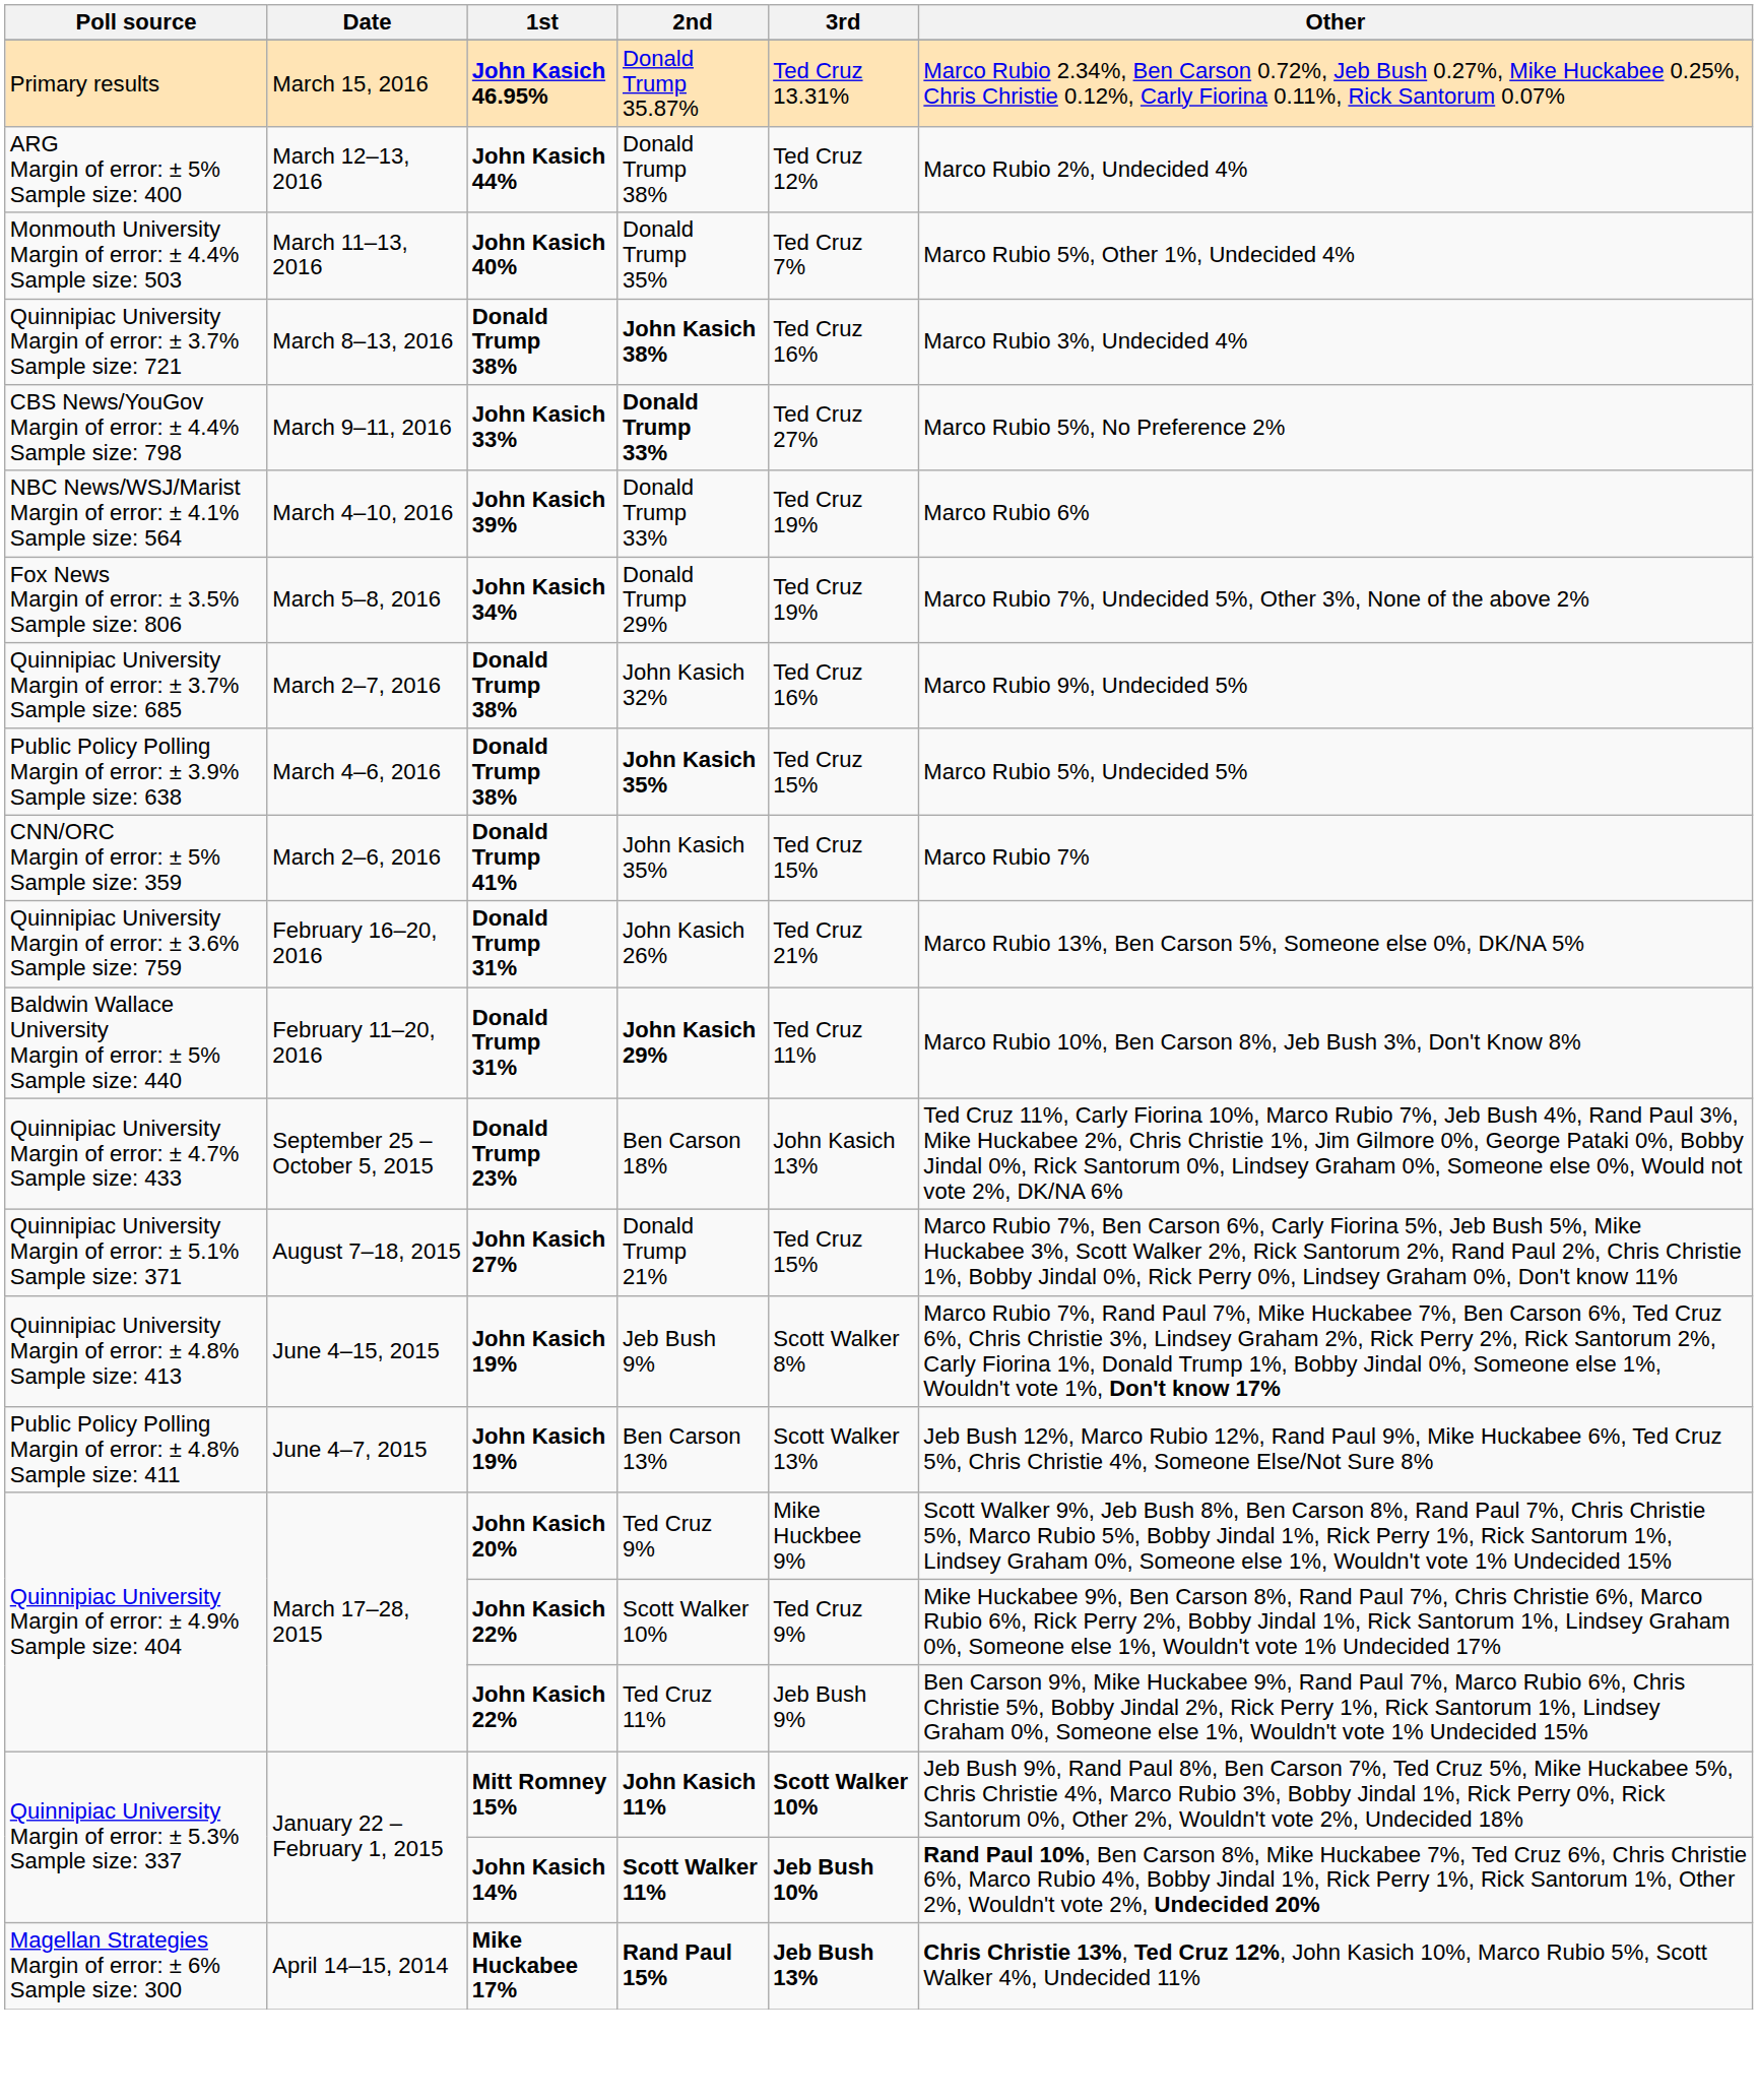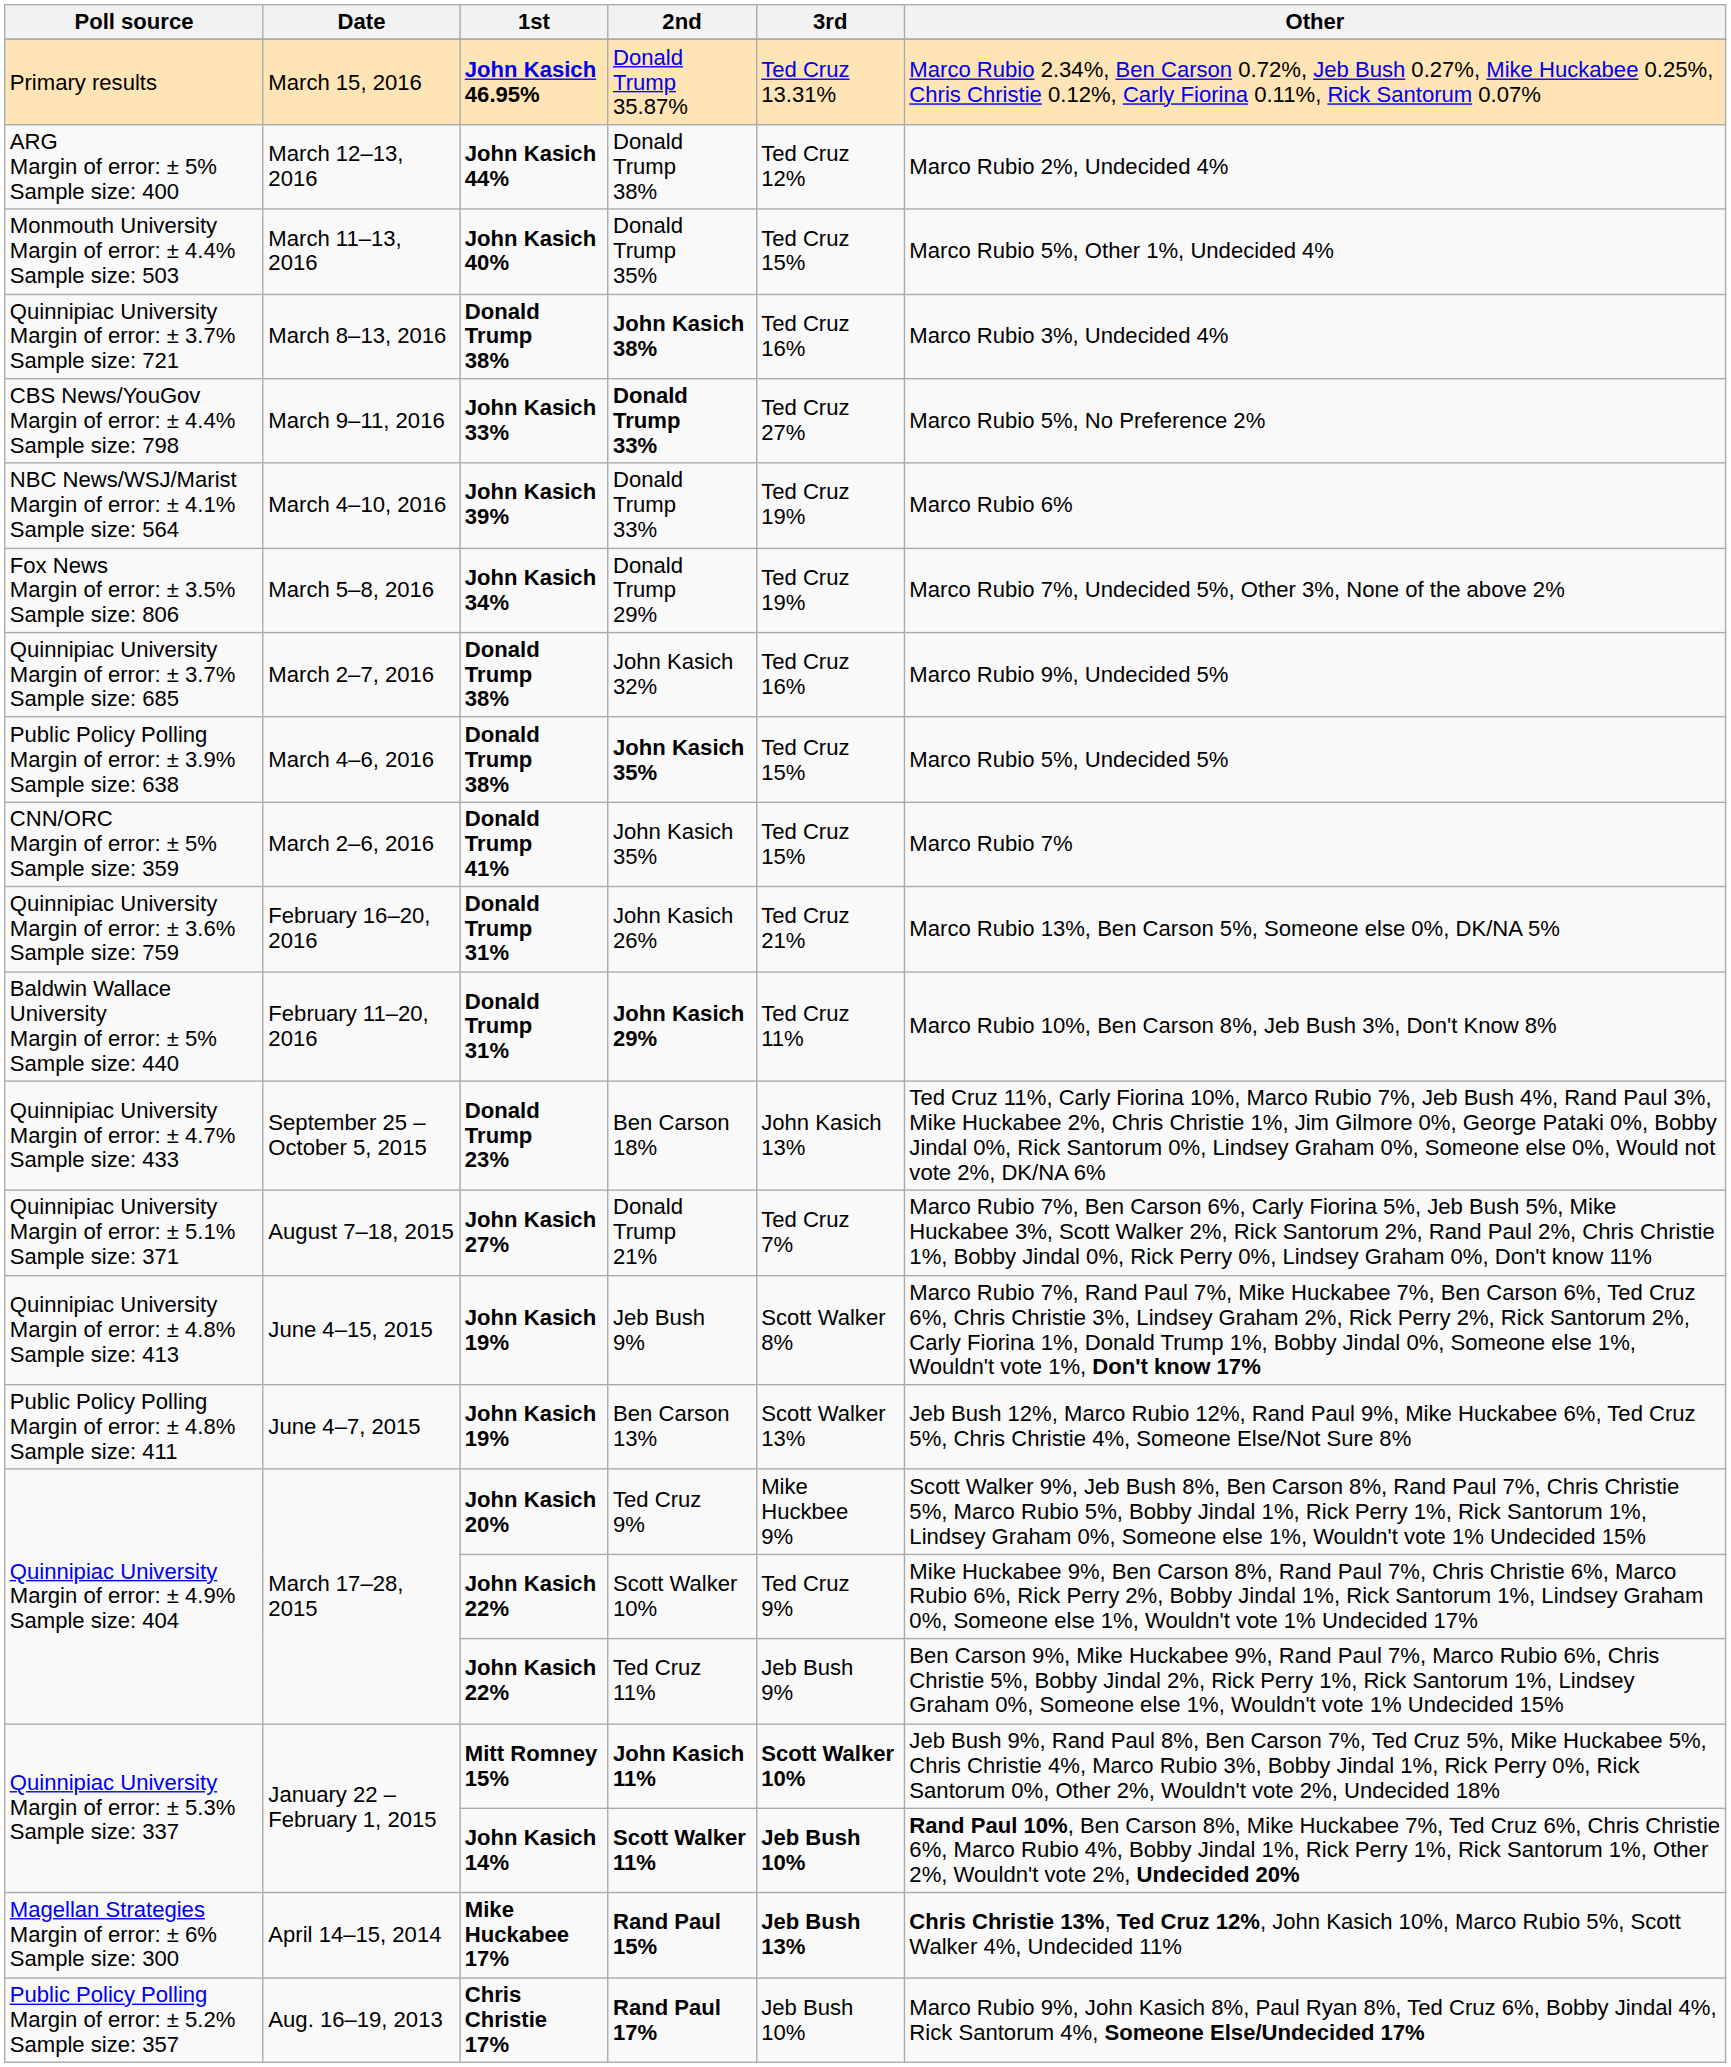 <table class="wikitable collapsible collapsed">
 <tr>
 <th style="width:180px;">Poll source</th>
 <th style="width:135px;">Date</th>
 <th style="width:100px;">1st</th>
 <th style="width:100px;">2nd</th>
 <th style="width:100px;">3rd</th>
 <th>Other</th>
 </tr>
 <tr>
 </tr>
 <tr style="background:Moccasin;">
 <td>Primary results</td>
 <td>March 15, 2016</td>
 <td><strong><a href='#'>John Kasich</a><br>46.95%</strong></td>
 <td><a href='#'>Donald Trump</a><br>35.87%</td>
 <td><a href='#'>Ted Cruz</a><br>13.31%</td>
 <td><a href='#'>Marco Rubio</a> 2.34%, <a href='#'>Ben Carson</a> 0.72%, <a href='#'>Jeb Bush</a> 0.27%, <a href='#'>Mike Huckabee</a> 0.25%, <a href='#'>Chris Christie</a> 0.12%, <a href='#'>Carly Fiorina</a> 0.11%, <a href='#'>Rick Santorum</a> 0.07%</td>
 </tr>
 <tr>
 <td>ARG<br>Margin of error: ± 5% Sample size: 400</td>
 <td>March 12–13, 2016</td>
 <td><strong>John Kasich<br>44%</strong></td>
 <td>Donald Trump<br>38%</td>
 <td>Ted Cruz<br>12%</td>
 <td>Marco Rubio 2%, Undecided 4%</td>
 </tr>
 <tr>
 <td>Monmouth University<br>Margin of error: ± 4.4% Sample size: 503</td>
 <td>March 11–13, 2016</td>
 <td><strong>John Kasich<br>40%</strong></td>
 <td>Donald Trump<br>35%</td>
-<td>Ted Cruz<br>7%</td>
+<td>Ted Cruz<br>15%</td>
 <td>Marco Rubio 5%, Other 1%, Undecided 4%</td>
 </tr>
 <tr>
 <td>Quinnipiac University<br>Margin of error: ± 3.7% Sample size: 721</td>
 <td>March 8–13, 2016</td>
 <td><strong>Donald Trump<br>38%</strong></td>
 <td><strong>John Kasich<br>38%</strong></td>
 <td>Ted Cruz<br>16%</td>
 <td>Marco Rubio 3%, Undecided 4%</td>
 </tr>
 <tr>
 <td>CBS News/YouGov<br>Margin of error: ± 4.4% Sample size: 798</td>
 <td>March 9–11, 2016</td>
 <td><strong>John Kasich<br>33%</strong></td>
 <td><strong>Donald Trump<br>33%</strong></td>
 <td>Ted Cruz<br>27%</td>
 <td>Marco Rubio 5%, No Preference 2%</td>
 </tr>
 <tr>
 <td>NBC News/WSJ/Marist<br>Margin of error: ± 4.1% Sample size: 564</td>
 <td>March 4–10, 2016</td>
 <td><strong>John Kasich<br>39%</strong></td>
 <td>Donald Trump<br>33%</td>
 <td>Ted Cruz<br>19%</td>
 <td>Marco Rubio 6%</td>
 </tr>
 <tr>
 <td>Fox News<br>Margin of error: ± 3.5% Sample size: 806</td>
 <td>March 5–8, 2016</td>
 <td><strong>John Kasich<br>34%</strong></td>
 <td>Donald Trump<br>29%</td>
 <td>Ted Cruz<br>19%</td>
 <td>Marco Rubio 7%, Undecided 5%, Other 3%, None of the above 2%</td>
 </tr>
 <tr>
 <td>Quinnipiac University<br>Margin of error: ± 3.7% Sample size: 685</td>
 <td>March 2–7, 2016</td>
 <td><strong>Donald Trump<br>38%</strong></td>
 <td>John Kasich<br>32%</td>
 <td>Ted Cruz<br>16%</td>
 <td>Marco Rubio 9%, Undecided 5%</td>
 </tr>
 <tr>
 <td>Public Policy Polling<br>Margin of error: ± 3.9% <br>Sample size: 638</td>
 <td>March 4–6, 2016</td>
 <td><strong>Donald Trump<br>38%</strong></td>
 <td><strong>John Kasich<br>35%</strong></td>
 <td>Ted Cruz<br>15%</td>
 <td>Marco Rubio 5%, Undecided 5%</td>
 </tr>
 <tr>
 <td>CNN/ORC<br>Margin of error: ± 5% Sample size: 359</td>
 <td>March 2–6, 2016</td>
 <td><strong>Donald Trump<br>41%</strong></td>
 <td>John Kasich<br>35%</td>
 <td>Ted Cruz<br>15%</td>
 <td>Marco Rubio 7%</td>
 </tr>
 <tr>
 <td>Quinnipiac University<br>Margin of error: ± 3.6% <br>Sample size: 759</td>
 <td>February 16–20, 2016</td>
 <td><strong>Donald Trump<br>31%</strong></td>
 <td>John Kasich<br>26%</td>
 <td>Ted Cruz<br>21%</td>
 <td>Marco Rubio 13%, Ben Carson 5%, Someone else 0%, DK/NA 5%</td>
 </tr>
 <tr>
 <td>Baldwin Wallace University<br>Margin of error: ± 5% <br>Sample size: 440</td>
 <td>February 11–20, 2016</td>
 <td><strong>Donald Trump<br>31%</strong></td>
 <td><strong>John Kasich<br>29%</strong></td>
 <td>Ted Cruz<br>11%</td>
 <td>Marco Rubio 10%, Ben Carson 8%, Jeb Bush 3%, Don't Know 8%</td>
 </tr>
 <tr>
 <td>Quinnipiac University<br>Margin of error: ± 4.7% <br>Sample size: 433</td>
 <td>September 25 – October 5, 2015</td>
 <td><strong>Donald Trump<br>23%</strong></td>
 <td>Ben Carson<br>18%</td>
 <td>John Kasich<br>13%</td>
 <td>Ted Cruz 11%, Carly Fiorina 10%, Marco Rubio 7%, Jeb Bush 4%, Rand Paul 3%, Mike Huckabee 2%, Chris Christie 1%, Jim Gilmore 0%, George Pataki 0%, Bobby Jindal 0%, Rick Santorum 0%, Lindsey Graham 0%, Someone else 0%, Would not vote 2%, DK/NA 6%</td>
 </tr>
 <tr>
 <td>Quinnipiac University<br>Margin of error: ± 5.1% <br>Sample size: 371</td>
 <td>August 7–18, 2015</td>
 <td><strong>John Kasich<br>27%</strong></td>
 <td>Donald Trump<br>21%</td>
-<td>Ted Cruz<br>15%</td>
+<td>Ted Cruz<br>7%</td>
 <td>Marco Rubio 7%, Ben Carson 6%, Carly Fiorina 5%, Jeb Bush 5%, Mike Huckabee 3%, Scott Walker 2%, Rick Santorum 2%, Rand Paul 2%, Chris Christie 1%, Bobby Jindal 0%, Rick Perry 0%, Lindsey Graham 0%, Don't know 11%</td>
 </tr>
 <tr>
 <td>Quinnipiac University<br>Margin of error: ± 4.8% <br>Sample size: 413</td>
 <td>June 4–15, 2015</td>
 <td><strong>John Kasich<br>19%</strong></td>
 <td>Jeb Bush<br>9%</td>
 <td>Scott Walker<br>8%</td>
 <td>Marco Rubio 7%, Rand Paul 7%, Mike Huckabee 7%, Ben Carson 6%, Ted Cruz 6%, Chris Christie 3%, Lindsey Graham 2%, Rick Perry 2%, Rick Santorum 2%, Carly Fiorina 1%, Donald Trump 1%, Bobby Jindal 0%, Someone else 1%, Wouldn't vote 1%, <span><strong>Don't know 17%</strong></span></td>
 </tr>
 <tr>
 <td>Public Policy Polling<br>Margin of error: ± 4.8% <br>Sample size: 411</td>
 <td>June 4–7, 2015</td>
 <td><strong>John Kasich<br>19%</strong></td>
 <td>Ben Carson<br>13%</td>
 <td>Scott Walker<br>13%</td>
 <td>Jeb Bush 12%, Marco Rubio 12%, Rand Paul 9%, Mike Huckabee 6%, Ted Cruz 5%, Chris Christie 4%, Someone Else/Not Sure 8%</td>
 </tr>
 <tr>
 <td rowspan=3><a href='#'>Quinnipiac University</a><br>Margin of error: ± 4.9% <br>Sample size: 404</td>
 <td rowspan=3>March 17–28, 2015</td>
 <td><strong>John Kasich<br>20%</strong></td>
 <td>Ted Cruz<br>9%</td>
 <td>Mike Huckbee<br>9%</td>
 <td>Scott Walker 9%, Jeb Bush 8%, Ben Carson 8%, Rand Paul 7%, Chris Christie 5%, Marco Rubio 5%, Bobby Jindal 1%, Rick Perry 1%, Rick Santorum 1%, Lindsey Graham 0%, Someone else 1%, Wouldn't vote 1% Undecided 15%</td>
 </tr>
 <tr>
 <td><strong>John Kasich<br>22%</strong></td>
 <td>Scott Walker<br>10%</td>
 <td>Ted Cruz<br>9%</td>
 <td>Mike Huckabee 9%, Ben Carson 8%, Rand Paul 7%, Chris Christie 6%, Marco Rubio 6%, Rick Perry 2%, Bobby Jindal 1%, Rick Santorum 1%, Lindsey Graham 0%, Someone else 1%, Wouldn't vote 1% Undecided 17%</td>
 </tr>
 <tr>
 <td><strong>John Kasich<br>22%</strong></td>
 <td>Ted Cruz<br>11%</td>
 <td>Jeb Bush<br>9%</td>
 <td>Ben Carson 9%, Mike Huckabee 9%, Rand Paul 7%, Marco Rubio 6%, Chris Christie 5%, Bobby Jindal 2%, Rick Perry 1%, Rick Santorum 1%, Lindsey Graham 0%, Someone else 1%, Wouldn't vote 1% Undecided 15%</td>
 </tr>
 <tr>
 <td rowspan=2><a href='#'>Quinnipiac University</a><br>Margin of error: ± 5.3% <br>Sample size: 337</td>
 <td rowspan=2>January 22 – February 1, 2015</td>
 <td><strong>Mitt Romney<br>15%</strong></td>
 <td><strong>John Kasich<br>11%</strong></td>
 <td><strong>Scott Walker<br>10%</strong></td>
 <td>Jeb Bush 9%, Rand Paul 8%, Ben Carson 7%, Ted Cruz 5%, Mike Huckabee 5%, Chris Christie 4%, Marco Rubio 3%, Bobby Jindal 1%, Rick Perry 0%, Rick Santorum 0%, Other 2%, Wouldn't vote 2%, Undecided 18%</td>
 </tr>
 <tr>
 <td><strong>John Kasich<br>14%</strong></td>
 <td><strong>Scott Walker<br>11%</strong></td>
 <td><strong>Jeb Bush<br>10%</strong></td>
 <td><span><strong>Rand Paul 10%</strong></span>, Ben Carson 8%, Mike Huckabee 7%, Ted Cruz 6%, Chris Christie 6%, Marco Rubio 4%, Bobby Jindal 1%, Rick Perry 1%, Rick Santorum 1%, Other 2%, Wouldn't vote 2%, <span><strong>Undecided 20%</strong></span></td>
 </tr>
 <tr>
 <td><a href='#'>Magellan Strategies</a><br>Margin of error: ± 6% <br>Sample size: 300</td>
 <td>April 14–15, 2014</td>
 <td><strong>Mike Huckabee<br>17%</strong></td>
 <td><strong>Rand Paul<br>15%</strong></td>
 <td><strong>Jeb Bush<br>13%</strong></td>
 <td><span><strong>Chris Christie 13%</strong></span>, <span><strong>Ted Cruz 12%</strong></span>, John Kasich 10%, Marco Rubio 5%, Scott Walker 4%, Undecided 11%</td>
 </tr>
+<tr>
+<td><a href='#'>Public Policy Polling</a><br>Margin of error: ± 5.2% <br>Sample size: 357</td>
+<td>Aug. 16–19, 2013</td>
+<td><strong>Chris Christie<br>17%</strong></td>
+<td><strong>Rand Paul<br>17%</strong></td>
+<td>Jeb Bush<br>10%</td>
+<td>Marco Rubio 9%, John Kasich 8%, Paul Ryan 8%, Ted Cruz 6%, Bobby Jindal 4%, Rick Santorum 4%, <span><strong>Someone Else/Undecided 17%</strong></span></td>
+</tr>
 </table>
